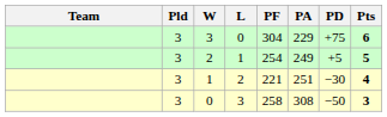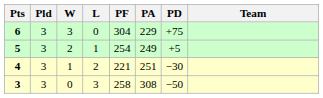 <table class="wikitable" style="text-align:center;">
 <tr>
-<th width=180>Team</th>
+<th width=30>Pts</th>
 <th width=30>Pld</th>
 <th width=30>W</th>
 <th width=30>L</th>
 <th width=30>PF</th>
 <th width=30>PA</th>
 <th width=30>PD</th>
-<th width=30>Pts</th>
+<th width=180>Team</th>
 </tr>
 <tr bgcolor="#ccffcc">
-<td align="left"></td>
+<td><strong>6</strong></td>
 <td>3</td>
 <td>3</td>
 <td>0</td>
 <td>304</td>
 <td>229</td>
 <td>+75</td>
-<td><strong>6</strong></td>
+<td align="left"></td>
 </tr>
 <tr bgcolor="#ccffcc">
-<td align="left"></td>
+<td><strong>5</strong></td>
 <td>3</td>
 <td>2</td>
 <td>1</td>
 <td>254</td>
 <td>249</td>
 <td>+5</td>
-<td><strong>5</strong></td>
+<td align="left"></td>
 </tr>
 <tr bgcolor="ffffcc">
-<td align="left"></td>
+<td><strong>4</strong></td>
 <td>3</td>
 <td>1</td>
 <td>2</td>
 <td>221</td>
 <td>251</td>
 <td>−30</td>
-<td><strong>4</strong></td>
+<td align="left"></td>
 </tr>
 <tr bgcolor="ffffcc">
-<td align="left"></td>
+<td><strong>3</strong></td>
 <td>3</td>
 <td>0</td>
 <td>3</td>
 <td>258</td>
 <td>308</td>
 <td>−50</td>
-<td><strong>3</strong></td>
+<td align="left"></td>
 </tr>
 </table>
